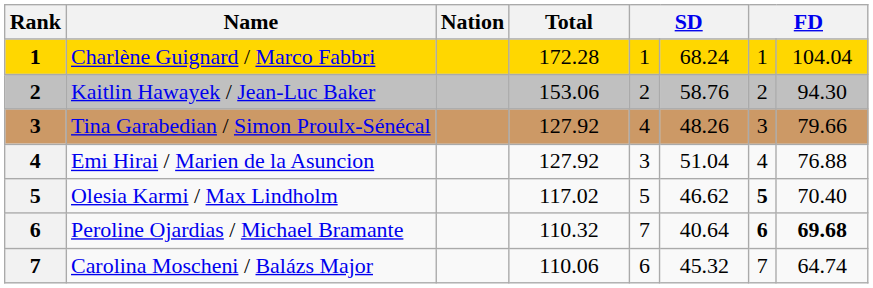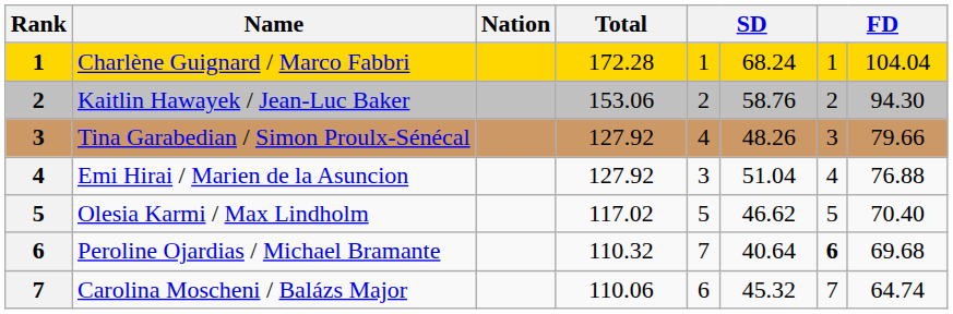 <table class="wikitable sortable">
 <tr>
 <th>Rank</th>
 <th>Name</th>
 <th>Nation</th>
 <th width="80px">Total</th>
 <th colspan="2" width="80px"><a href='#'>SD</a></th>
 <th colspan="2" width="80px"><a href='#'>FD</a></th>
 </tr>
 <tr bgcolor="gold">
 <td align="center"><strong>1</strong></td>
 <td><a href='#'>Charlène Guignard</a> / <a href='#'>Marco Fabbri</a></td>
 <td></td>
 <td align="center">172.28</td>
 <td align="center">1</td>
 <td align="center">68.24</td>
 <td align="center">1</td>
 <td align="center">104.04</td>
 </tr>
 <tr bgcolor="silver">
 <td align="center"><strong>2</strong></td>
 <td><a href='#'>Kaitlin Hawayek</a> / <a href='#'>Jean-Luc Baker</a></td>
 <td></td>
 <td align="center">153.06</td>
 <td align="center">2</td>
 <td align="center">58.76</td>
 <td align="center">2</td>
 <td align="center">94.30</td>
 </tr>
 <tr bgcolor="cc9966">
 <td align="center"><strong>3</strong></td>
 <td><a href='#'>Tina Garabedian</a> / <a href='#'>Simon Proulx-Sénécal</a></td>
 <td></td>
 <td align="center">127.92</td>
 <td align="center">4</td>
 <td align="center">48.26</td>
 <td align="center">3</td>
 <td align="center">79.66</td>
 </tr>
 <tr>
 <th>4</th>
 <td><a href='#'>Emi Hirai</a> / <a href='#'>Marien de la Asuncion</a></td>
 <td></td>
 <td align="center">127.92</td>
 <td align="center">3</td>
 <td align="center">51.04</td>
 <td align="center">4</td>
 <td align="center">76.88</td>
 </tr>
 <tr>
 <th>5</th>
 <td><a href='#'>Olesia Karmi</a> / <a href='#'>Max Lindholm</a></td>
 <td></td>
 <td align="center">117.02</td>
 <td align="center">5</td>
 <td align="center">46.62</td>
-<td align="center"><strong>5</strong></td>
+<td align="center">5</td>
 <td align="center">70.40</td>
 </tr>
 <tr>
 <th>6</th>
 <td><a href='#'>Peroline Ojardias</a> / <a href='#'>Michael Bramante</a></td>
 <td></td>
 <td align="center">110.32</td>
 <td align="center">7</td>
 <td align="center">40.64</td>
 <td align="center"><strong>6</strong></td>
-<td align="center"><strong>69.68</strong></td>
+<td align="center">69.68</td>
 </tr>
 <tr>
 <th>7</th>
 <td><a href='#'>Carolina Moscheni</a> / <a href='#'>Balázs Major</a></td>
 <td></td>
 <td align="center">110.06</td>
 <td align="center">6</td>
 <td align="center">45.32</td>
 <td align="center">7</td>
 <td align="center">64.74</td>
 </tr>
 </table>
